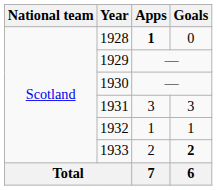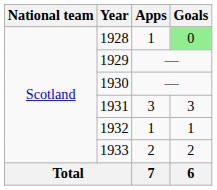 <table class="wikitable" style="font-size:100%; text-align: center">
 <tr>
 <th>National team</th>
 <th>Year</th>
 <th>Apps</th>
 <th>Goals</th>
 </tr>
 <tr>
 <td rowspan="6"><a href='#'>Scotland</a></td>
 <td>1928</td>
-<td><strong>1</strong></td>
-<td>0</td>
+<td>1</td>
+<td style="background: lightgreen;">0</td>
 </tr>
 <tr>
 <td>1929</td>
 <td colspan=2>—</td>
 </tr>
 <tr>
 <td>1930</td>
 <td colspan=2>—</td>
 </tr>
 <tr>
 <td>1931</td>
 <td>3</td>
 <td>3</td>
 </tr>
 <tr>
 <td>1932</td>
 <td>1</td>
 <td>1</td>
 </tr>
 <tr>
 <td>1933</td>
 <td>2</td>
-<td><strong>2</strong></td>
+<td>2</td>
 </tr>
 <tr>
 <th colspan=2>Total</th>
 <th>7</th>
 <th>6</th>
 </tr>
 </table>
